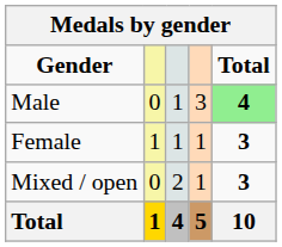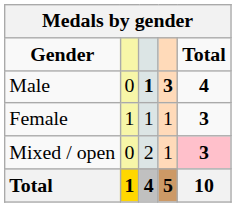 <table class="wikitable" style="text-align:center;font-size:90%">
 <tr style="background:#efefef;">
 <th colspan=7><strong>Medals by gender</strong></th>
 </tr>
 <tr>
 <td><strong>Gender</strong></td>
 <td bgcolor=#f7f6a8></td>
 <td bgcolor=#dce5e5></td>
 <td bgcolor=#ffdab9></td>
 <td><strong>Total</strong></td>
 </tr>
 <tr>
 <td style="text-align:left;">Male</td>
 <td style="background:#F7F6A8;">0</td>
-<td style="background:#DCE5E5;">1</td>
-<td style="background:#FFDAB9;">3</td>
-<td style="background: lightgreen;"><strong>4</strong></td>
+<td style="background:#DCE5E5;"><strong>1</strong></td>
+<td style="background:#FFDAB9;"><strong>3</strong></td>
+<td><strong>4</strong></td>
 </tr>
 <tr>
 <td style="text-align:left;">Female</td>
 <td style="background:#F7F6A8;">1</td>
 <td style="background:#DCE5E5;">1</td>
 <td style="background:#FFDAB9;">1</td>
 <td><strong>3</strong></td>
 </tr>
 <tr>
 <td style="text-align:left;">Mixed / open</td>
 <td style="background:#F7F6A8;">0</td>
 <td style="background:#DCE5E5;">2</td>
 <td style="background:#FFDAB9;">1</td>
-<td><strong>3</strong></td>
+<td style="background: pink;"><strong>3</strong></td>
 </tr>
 <tr>
 <th style="text-align:left;"><strong>Total</strong></th>
 <th style="background:gold;"><strong>1</strong></th>
 <th style="background:silver;"><strong>4</strong></th>
 <th style="background:#c96;"><strong>5</strong></th>
 <th><strong>10</strong></th>
 </tr>
 </table>
